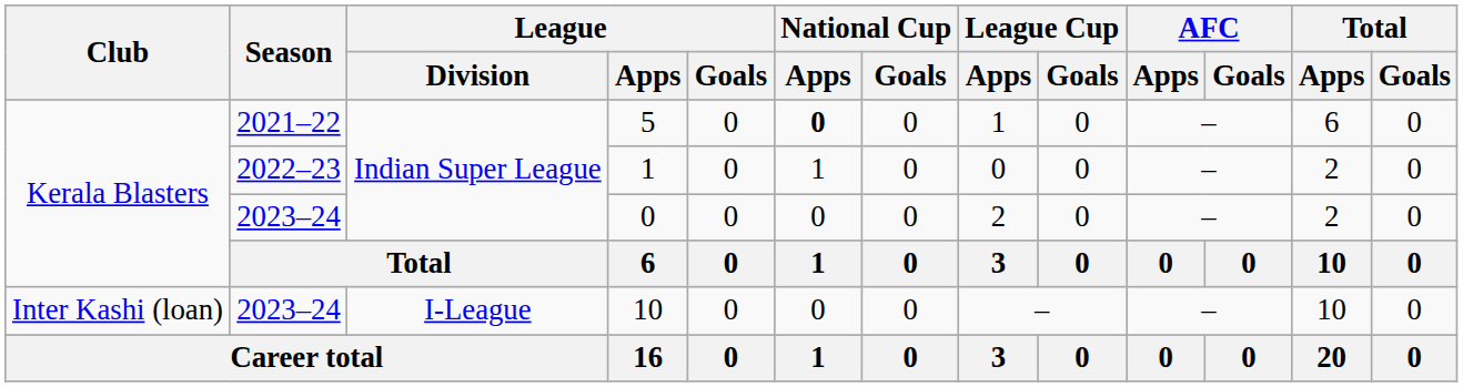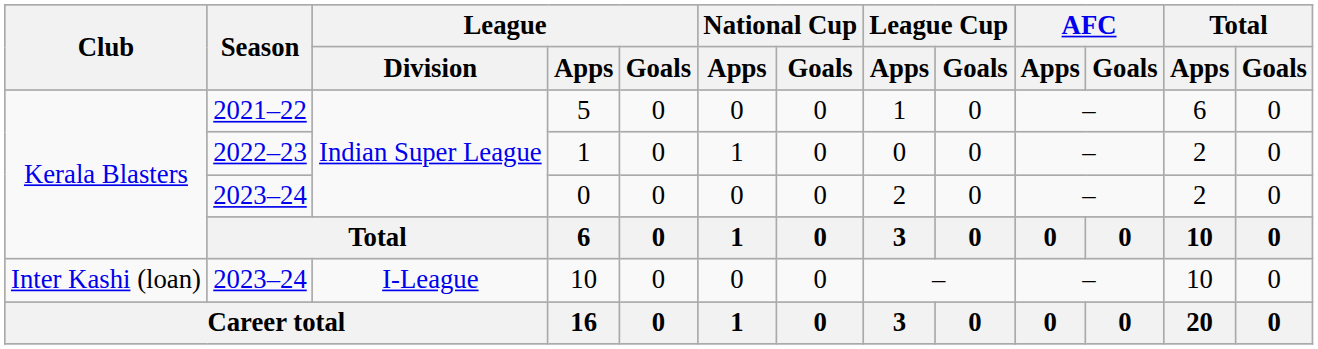 <table class=wikitable style=text-align:center>
 <tr>
 <th rowspan=2>Club</th>
 <th rowspan=2>Season</th>
 <th colspan=3>League</th>
 <th colspan=2>National Cup</th>
 <th colspan=2>League Cup</th>
 <th colspan=2><a href='#'>AFC</a></th>
 <th colspan=2>Total</th>
 </tr>
 <tr>
 <th>Division</th>
 <th>Apps</th>
 <th>Goals</th>
 <th>Apps</th>
 <th>Goals</th>
 <th>Apps</th>
 <th>Goals</th>
 <th>Apps</th>
 <th>Goals</th>
 <th>Apps</th>
 <th>Goals</th>
 </tr>
 <tr>
 <td rowspan="4"><a href='#'>Kerala Blasters</a></td>
 <td><a href='#'>2021–22</a></td>
 <td rowspan="3"><a href='#'>Indian Super League</a></td>
 <td>5</td>
 <td>0</td>
-<td><strong>0</strong></td>
+<td>0</td>
 <td>0</td>
 <td>1</td>
 <td>0</td>
 <td colspan="2">–</td>
 <td>6</td>
 <td>0</td>
 </tr>
 <tr>
 <td><a href='#'>2022–23</a></td>
 <td>1</td>
 <td>0</td>
 <td>1</td>
 <td>0</td>
 <td>0</td>
 <td>0</td>
 <td colspan="2">–</td>
 <td>2</td>
 <td>0</td>
 </tr>
 <tr>
 <td><a href='#'>2023–24</a></td>
 <td>0</td>
 <td>0</td>
 <td>0</td>
 <td>0</td>
 <td>2</td>
 <td>0</td>
 <td colspan="2">–</td>
 <td>2</td>
 <td>0</td>
 </tr>
 <tr>
 <th colspan="2">Total</th>
 <th>6</th>
 <th>0</th>
 <th>1</th>
 <th>0</th>
 <th>3</th>
 <th>0</th>
 <th>0</th>
 <th>0</th>
 <th>10</th>
 <th>0</th>
 </tr>
 <tr>
 <td rowspan="1"><a href='#'>Inter Kashi</a> (loan)</td>
 <td><a href='#'>2023–24</a></td>
 <td rowspan="1"><a href='#'>I-League</a></td>
 <td>10</td>
 <td>0</td>
 <td>0</td>
 <td>0</td>
 <td colspan="2">–</td>
 <td colspan="2">–</td>
 <td>10</td>
 <td>0</td>
 </tr>
 <tr>
 <th colspan="3">Career total</th>
 <th>16</th>
 <th>0</th>
 <th>1</th>
 <th>0</th>
 <th>3</th>
 <th>0</th>
 <th>0</th>
 <th>0</th>
 <th>20</th>
 <th>0</th>
 </tr>
 </table>
